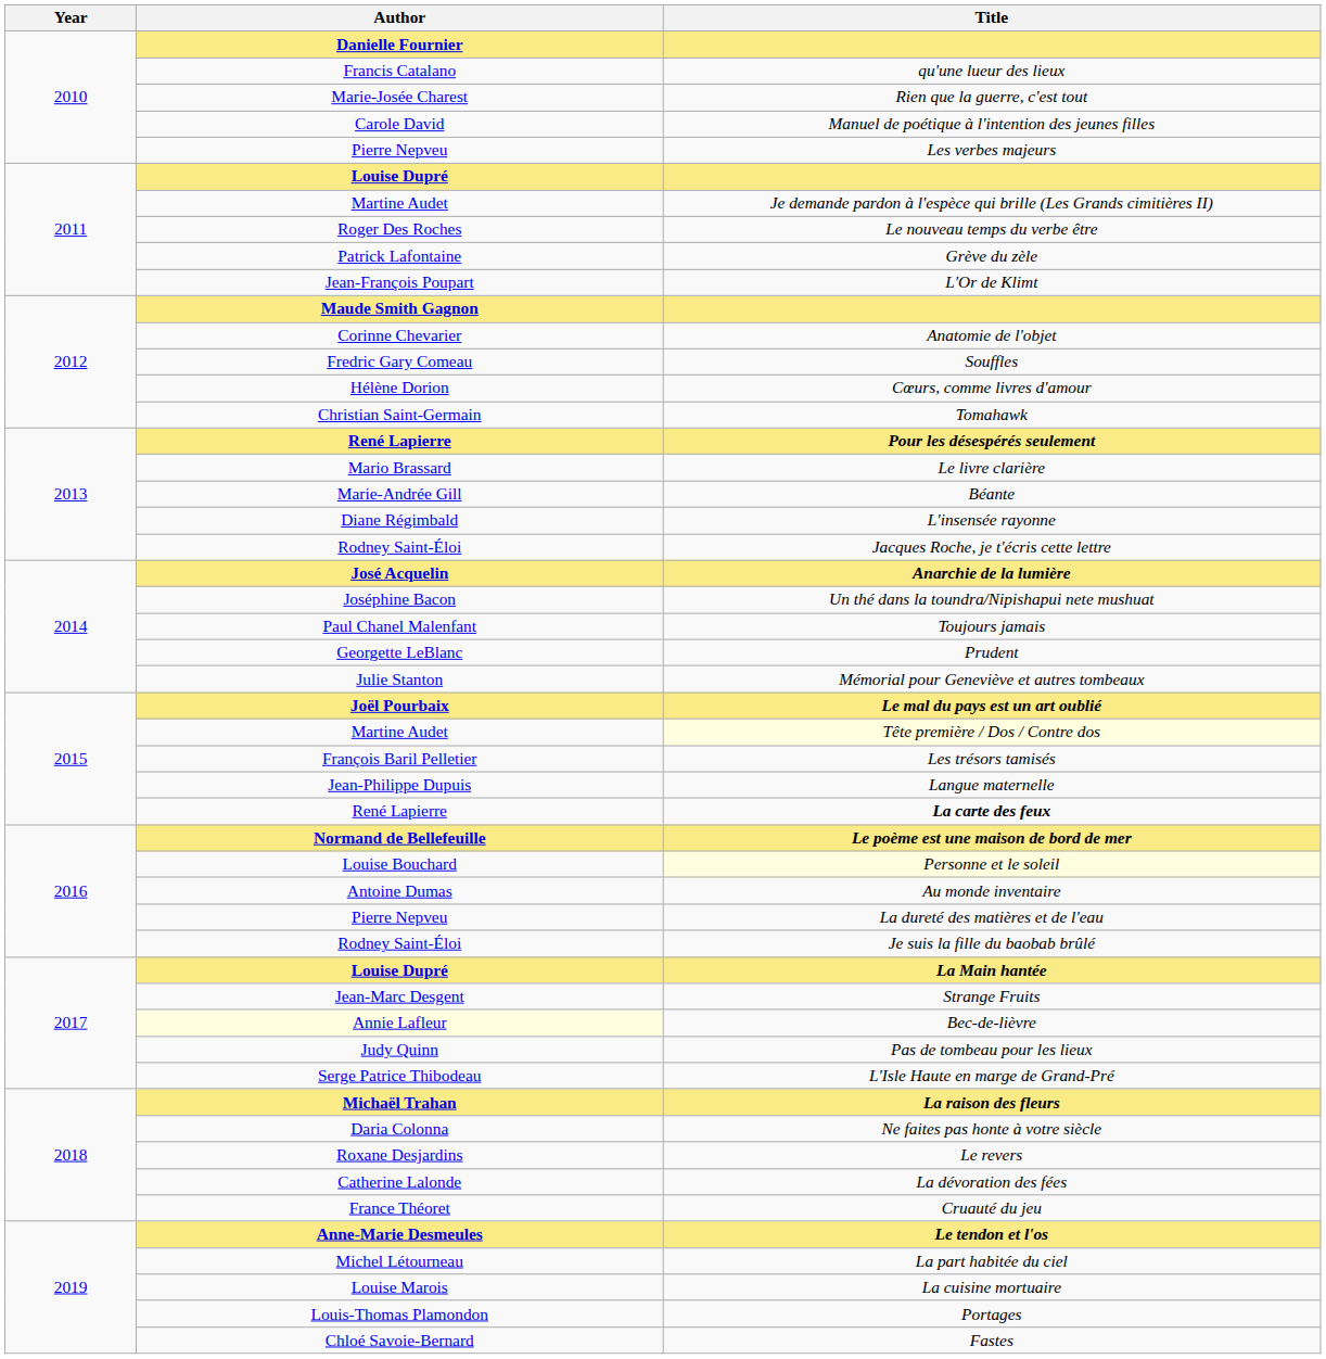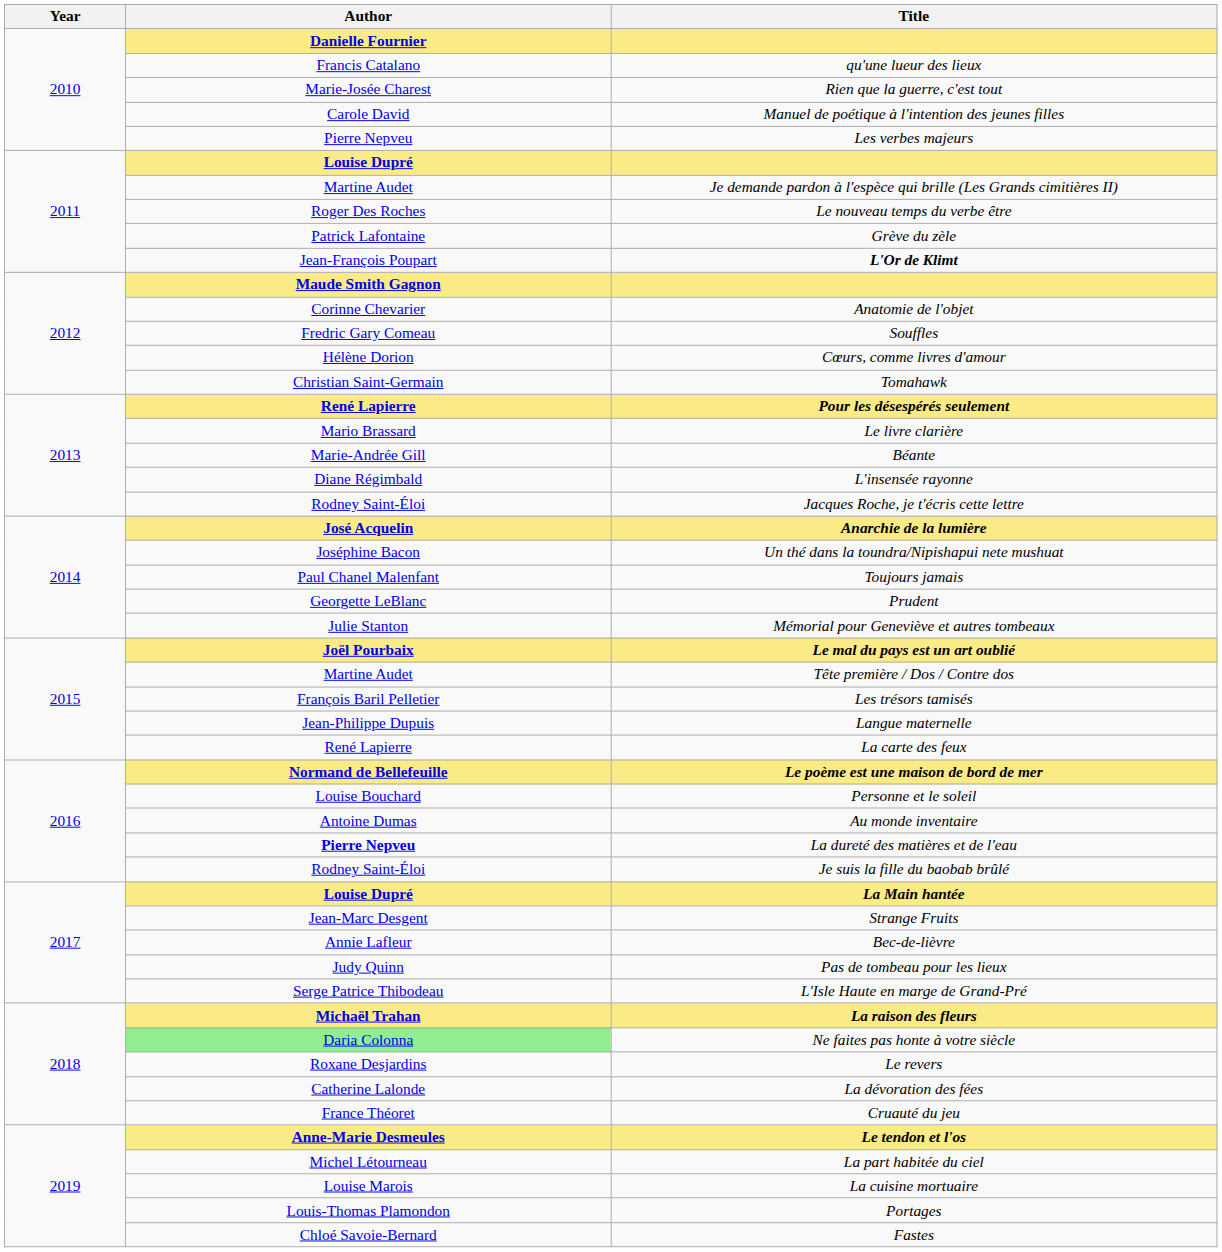 <table class="wikitable" width="100%">
 <tr>
 <th>Year</th>
 <th width="40%">Author</th>
 <th width="50%">Title</th>
 </tr>
 <tr>
 <td align="center" rowspan="5"><a href='#'>2010</a></td>
 <td align="center" style="background:#FAEB86"><strong><a href='#'>Danielle Fournier</a></strong></td>
 <td align="center" style="background:#FAEB86"><strong><em></em></strong></td>
 </tr>
 <tr>
 <td align="center"><a href='#'>Francis Catalano</a></td>
 <td align="center"><em>qu'une lueur des lieux</em></td>
 </tr>
 <tr>
 <td align="center"><a href='#'>Marie-Josée Charest</a></td>
 <td align="center"><em>Rien que la guerre, c'est tout</em></td>
 </tr>
 <tr>
 <td align="center"><a href='#'>Carole David</a></td>
 <td align="center"><em>Manuel de poétique à l'intention des jeunes filles</em></td>
 </tr>
 <tr>
 <td align="center"><a href='#'>Pierre Nepveu</a></td>
 <td align="center"><em>Les verbes majeurs</em></td>
 </tr>
 <tr>
 <td align="center" rowspan="5"><a href='#'>2011</a></td>
 <td align="center" style="background:#FAEB86"><strong><a href='#'>Louise Dupré</a></strong></td>
 <td align="center" style="background:#FAEB86"><strong><em></em></strong></td>
 </tr>
 <tr>
 <td align="center"><a href='#'>Martine Audet</a></td>
 <td align="center"><em>Je demande pardon à l'espèce qui brille (Les Grands cimitières II)</em></td>
 </tr>
 <tr>
 <td align="center"><a href='#'>Roger Des Roches</a></td>
 <td align="center"><em>Le nouveau temps du verbe être</em></td>
 </tr>
 <tr>
 <td align="center"><a href='#'>Patrick Lafontaine</a></td>
 <td align="center"><em>Grève du zèle</em></td>
 </tr>
 <tr>
 <td align="center"><a href='#'>Jean-François Poupart</a></td>
-<td align="center"><em>L'Or de Klimt</em></td>
+<td align="center"><strong><em>L'Or de Klimt</em></strong></td>
 </tr>
 <tr>
 <td align="center" rowspan="5"><a href='#'>2012</a></td>
 <td align="center" style="background:#FAEB86"><strong><a href='#'>Maude Smith Gagnon</a></strong></td>
 <td align="center" style="background:#FAEB86"><strong><em></em></strong></td>
 </tr>
 <tr>
 <td align="center"><a href='#'>Corinne Chevarier</a></td>
 <td align="center"><em>Anatomie de l'objet</em></td>
 </tr>
 <tr>
 <td align="center"><a href='#'>Fredric Gary Comeau</a></td>
 <td align="center"><em>Souffles</em></td>
 </tr>
 <tr>
 <td align="center"><a href='#'>Hélène Dorion</a></td>
 <td align="center"><em>Cœurs, comme livres d'amour</em></td>
 </tr>
 <tr>
 <td align="center"><a href='#'>Christian Saint-Germain</a></td>
 <td align="center"><em>Tomahawk</em></td>
 </tr>
 <tr>
 <td align="center" rowspan="5"><a href='#'>2013</a></td>
 <td align="center" style="background:#FAEB86"><strong><a href='#'>René Lapierre</a></strong></td>
 <td align="center" style="background:#FAEB86"><strong><em>Pour les désespérés seulement</em></strong></td>
 </tr>
 <tr>
 <td align="center"><a href='#'>Mario Brassard</a></td>
 <td align="center"><em>Le livre clarière</em></td>
 </tr>
 <tr>
 <td align="center"><a href='#'>Marie-Andrée Gill</a></td>
 <td align="center"><em>Béante</em></td>
 </tr>
 <tr>
 <td align="center"><a href='#'>Diane Régimbald</a></td>
 <td align="center"><em>L'insensée rayonne</em></td>
 </tr>
 <tr>
 <td align="center"><a href='#'>Rodney Saint-Éloi</a></td>
 <td align="center"><em>Jacques Roche, je t'écris cette lettre</em></td>
 </tr>
 <tr>
 <td align="center" rowspan="5"><a href='#'>2014</a></td>
 <td align="center" style="background:#FAEB86"><strong><a href='#'>José Acquelin</a></strong></td>
 <td align="center" style="background:#FAEB86"><strong><em>Anarchie de la lumière</em></strong></td>
 </tr>
 <tr>
 <td align="center"><a href='#'>Joséphine Bacon</a></td>
 <td align="center"><em>Un thé dans la toundra/Nipishapui nete mushuat</em></td>
 </tr>
 <tr>
 <td align="center"><a href='#'>Paul Chanel Malenfant</a></td>
 <td align="center"><em>Toujours jamais</em></td>
 </tr>
 <tr>
 <td align="center"><a href='#'>Georgette LeBlanc</a></td>
 <td align="center"><em>Prudent</em></td>
 </tr>
 <tr>
 <td align="center"><a href='#'>Julie Stanton</a></td>
 <td align="center"><em>Mémorial pour Geneviève et autres tombeaux</em></td>
 </tr>
 <tr>
 <td align="center" rowspan="5"><a href='#'>2015</a></td>
 <td align="center" style="background:#FAEB86"><strong><a href='#'>Joël Pourbaix</a></strong></td>
 <td align="center" style="background:#FAEB86"><strong><em>Le mal du pays est un art oublié</em></strong></td>
 </tr>
 <tr>
 <td align="center"><a href='#'>Martine Audet</a></td>
-<td align="center" style="background: lightyellow;"><em>Tête première / Dos / Contre dos</em></td>
+<td align="center"><em>Tête première / Dos / Contre dos</em></td>
 </tr>
 <tr>
 <td align="center"><a href='#'>François Baril Pelletier</a></td>
 <td align="center"><em>Les trésors tamisés</em></td>
 </tr>
 <tr>
 <td align="center"><a href='#'>Jean-Philippe Dupuis</a></td>
 <td align="center"><em>Langue maternelle</em></td>
 </tr>
 <tr>
 <td align="center"><a href='#'>René Lapierre</a></td>
-<td align="center"><strong><em>La carte des feux</em></strong></td>
+<td align="center"><em>La carte des feux</em></td>
 </tr>
 <tr>
 <td align="center" rowspan="5"><a href='#'>2016</a></td>
 <td align="center" style="background:#FAEB86"><strong><a href='#'>Normand de Bellefeuille</a></strong></td>
 <td align="center" style="background:#FAEB86"><strong><em>Le poème est une maison de bord de mer</em></strong></td>
 </tr>
 <tr>
 <td align="center"><a href='#'>Louise Bouchard</a></td>
-<td align="center" style="background: lightyellow;"><em>Personne et le soleil</em></td>
+<td align="center"><em>Personne et le soleil</em></td>
 </tr>
 <tr>
 <td align="center"><a href='#'>Antoine Dumas</a></td>
 <td align="center"><em>Au monde inventaire</em></td>
 </tr>
 <tr>
-<td align="center"><a href='#'>Pierre Nepveu</a></td>
+<td align="center"><strong><a href='#'>Pierre Nepveu</a></strong></td>
 <td align="center"><em>La dureté des matières et de l'eau</em></td>
 </tr>
 <tr>
 <td align="center"><a href='#'>Rodney Saint-Éloi</a></td>
 <td align="center"><em>Je suis la fille du baobab brûlé</em></td>
 </tr>
 <tr>
 <td align="center" rowspan="5"><a href='#'>2017</a></td>
 <td align="center"  style="background:#FAEB86"><strong><a href='#'>Louise Dupré</a></strong></td>
 <td align="center"  style="background:#FAEB86"><strong><em>La Main hantée</em></strong></td>
 </tr>
 <tr>
 <td align="center"><a href='#'>Jean-Marc Desgent</a></td>
 <td align="center"><em>Strange Fruits</em></td>
 </tr>
 <tr>
-<td align="center" style="background: lightyellow;"><a href='#'>Annie Lafleur</a></td>
+<td align="center"><a href='#'>Annie Lafleur</a></td>
 <td align="center"><em>Bec-de-lièvre</em></td>
 </tr>
 <tr>
 <td align="center"><a href='#'>Judy Quinn</a></td>
 <td align="center"><em>Pas de tombeau pour les lieux</em></td>
 </tr>
 <tr>
 <td align="center"><a href='#'>Serge Patrice Thibodeau</a></td>
 <td align="center"><em>L'Isle Haute en marge de Grand-Pré</em></td>
 </tr>
 <tr>
 <td align="center" rowspan="5"><a href='#'>2018</a></td>
 <td align="center"  style="background:#FAEB86"><strong><a href='#'>Michaël Trahan</a></strong></td>
 <td align="center"  style="background:#FAEB86"><strong><em>La raison des fleurs</em></strong></td>
 </tr>
 <tr>
-<td align="center"><a href='#'>Daria Colonna</a></td>
+<td align="center" style="background: lightgreen;"><a href='#'>Daria Colonna</a></td>
 <td align="center"><em>Ne faites pas honte à votre siècle</em></td>
 </tr>
 <tr>
 <td align="center"><a href='#'>Roxane Desjardins</a></td>
 <td align="center"><em>Le revers</em></td>
 </tr>
 <tr>
 <td align="center"><a href='#'>Catherine Lalonde</a></td>
 <td align="center"><em>La dévoration des fées</em></td>
 </tr>
 <tr>
 <td align="center"><a href='#'>France Théoret</a></td>
 <td align="center"><em>Cruauté du jeu</em></td>
 </tr>
 <tr>
 <td align="center" rowspan="5"><a href='#'>2019</a></td>
 <td align="center"  style="background:#FAEB86"><strong><a href='#'>Anne-Marie Desmeules</a></strong></td>
 <td align="center"  style="background:#FAEB86"><strong><em>Le tendon et l'os</em></strong></td>
 </tr>
 <tr>
 <td align="center"><a href='#'>Michel Létourneau</a></td>
 <td align="center"><em>La part habitée du ciel</em></td>
 </tr>
 <tr>
 <td align="center"><a href='#'>Louise Marois</a></td>
 <td align="center"><em>La cuisine mortuaire</em></td>
 </tr>
 <tr>
 <td align="center"><a href='#'>Louis-Thomas Plamondon</a></td>
 <td align="center"><em>Portages</em></td>
 </tr>
 <tr>
 <td align="center"><a href='#'>Chloé Savoie-Bernard</a></td>
 <td align="center"><em>Fastes</em></td>
 </tr>
 </table>
